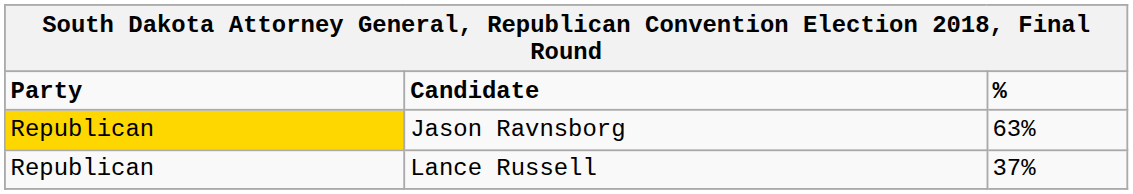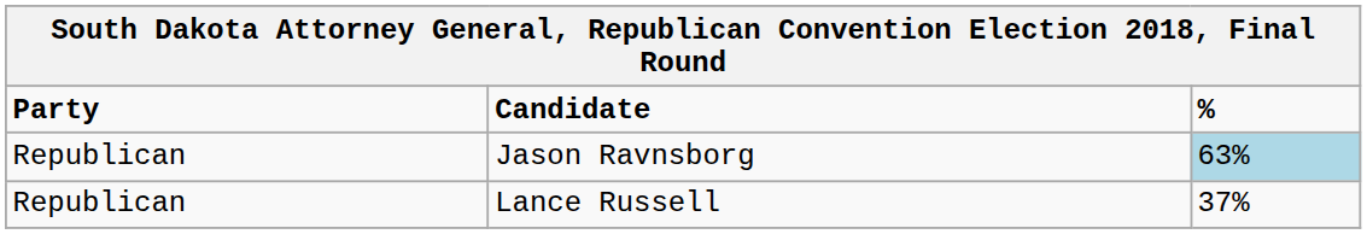 <table class="wikitable">
 <tr>
 <th colspan="5">South Dakota Attorney General, Republican Convention Election 2018, Final Round</th>
 </tr>
 <tr>
 <td><strong>Party</strong></td>
 <td><strong>Candidate</strong></td>
 <td><strong>%</strong></td>
 </tr>
 <tr>
-<td style="background: gold;">Republican</td>
+<td>Republican</td>
 <td>Jason Ravnsborg</td>
-<td>63%</td>
+<td style="background: lightblue;">63%</td>
 </tr>
 <tr>
 <td>Republican</td>
 <td>Lance Russell</td>
 <td>37%</td>
 </tr>
 </table>
